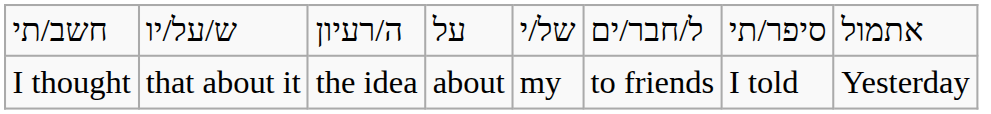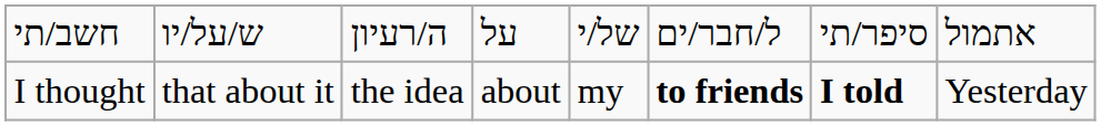 <table class="wikitable">
 <tr>
 <td>חשב/תי</td>
 <td>ש/על/יו</td>
 <td>ה/רעיון</td>
 <td>על</td>
 <td>של/י</td>
 <td>ל/חבר/ים</td>
 <td>סיפר/תי</td>
 <td>אתמול</td>
 </tr>
 <tr>
 <td>I thought</td>
 <td>that about it</td>
 <td>the idea</td>
 <td>about</td>
 <td>my</td>
-<td>to friends</td>
-<td>I told</td>
+<td><strong>to friends</strong></td>
+<td><strong>I told</strong></td>
 <td>Yesterday</td>
 </tr>
 </table>
